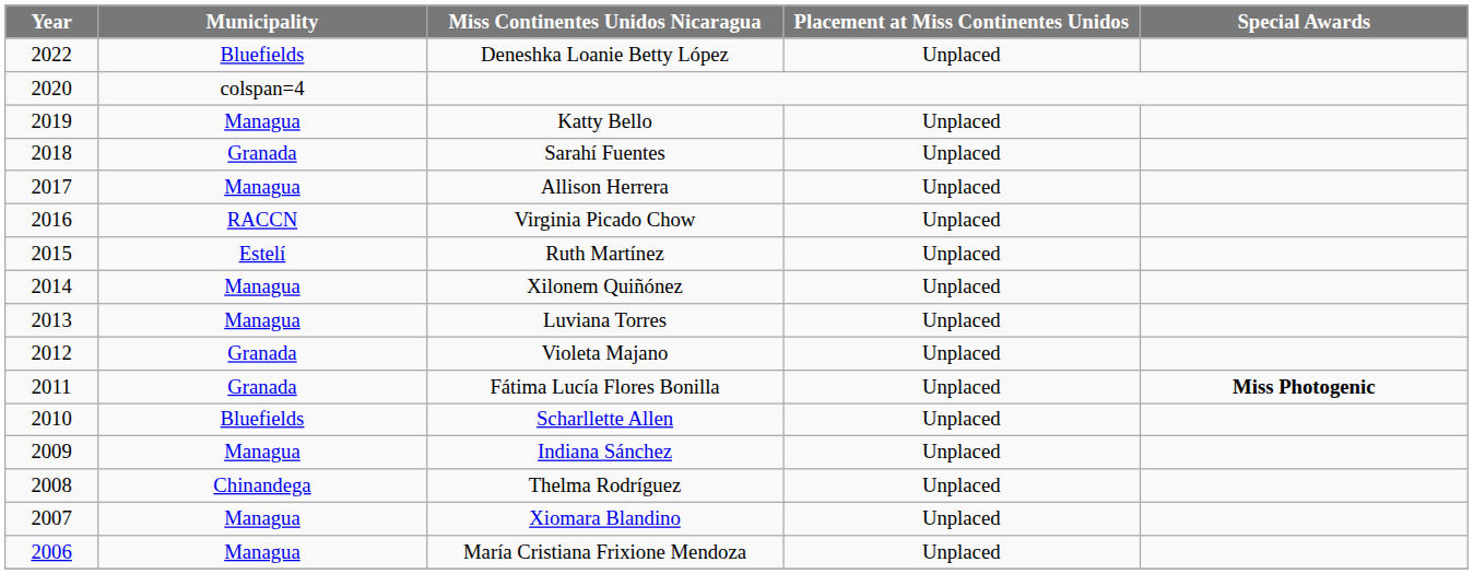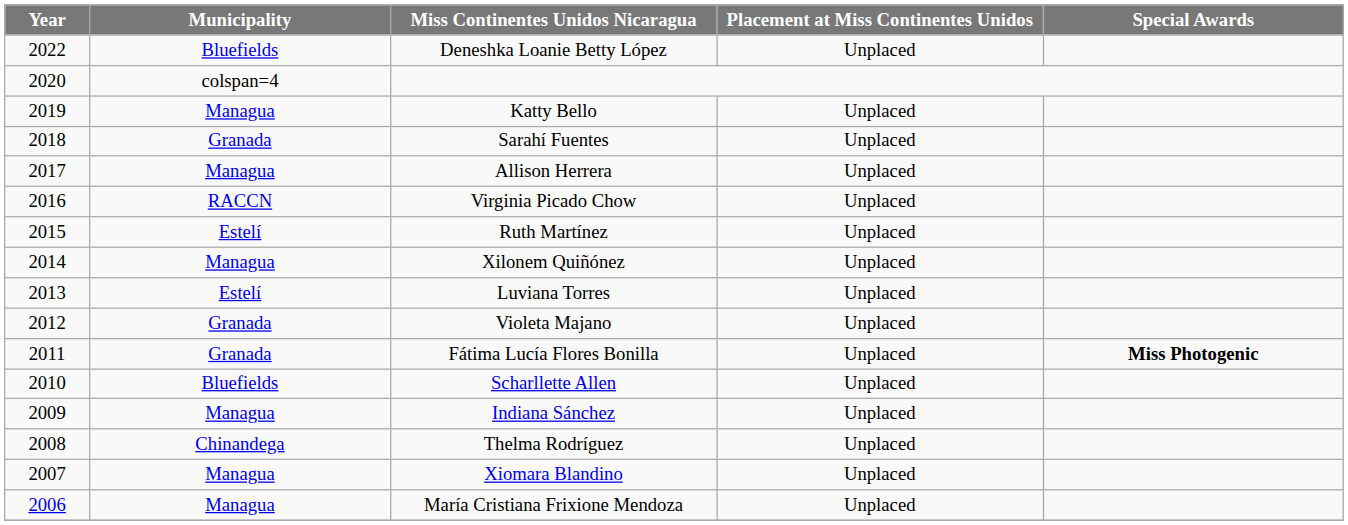 <table class="wikitable" style="font-size: 92%; text-align:center">
 <tr>
 <th width="60" style="background-color:#787878;color:#FFFFFF;">Year</th>
 <th width="230" style="background-color:#787878;color:#FFFFFF;">Municipality</th>
 <th width="250" style="background-color:#787878;color:#FFFFFF;">Miss Continentes Unidos Nicaragua</th>
 <th width="250" style="background-color:#787878;color:#FFFFFF;">Placement at Miss Continentes Unidos</th>
 <th width="230" style="background-color:#787878;color:#FFFFFF;">Special Awards</th>
 </tr>
 <tr>
 <td>2022</td>
 <td><a href='#'>Bluefields</a></td>
 <td>Deneshka Loanie Betty López</td>
 <td>Unplaced</td>
 <td></td>
 </tr>
 <tr>
 <td>2020</td>
 <td>colspan=4 </td>
 </tr>
 <tr>
 <td>2019</td>
 <td><a href='#'>Managua</a></td>
 <td>Katty Bello</td>
 <td>Unplaced</td>
 <td></td>
 </tr>
 <tr>
 <td>2018</td>
 <td><a href='#'>Granada</a></td>
 <td>Sarahí Fuentes</td>
 <td>Unplaced</td>
 <td></td>
 </tr>
 <tr>
 <td>2017</td>
 <td><a href='#'>Managua</a></td>
 <td>Allison Herrera</td>
 <td>Unplaced</td>
 <td></td>
 </tr>
 <tr>
 <td>2016</td>
 <td><a href='#'>RACCN</a></td>
 <td>Virginia Picado Chow</td>
 <td>Unplaced</td>
 <td></td>
 </tr>
 <tr>
 <td>2015</td>
 <td><a href='#'>Estelí</a></td>
 <td>Ruth Martínez</td>
 <td>Unplaced</td>
 <td></td>
 </tr>
 <tr>
 <td>2014</td>
 <td><a href='#'>Managua</a></td>
 <td>Xilonem Quiñónez</td>
 <td>Unplaced</td>
 <td></td>
 </tr>
 <tr>
 <td>2013</td>
-<td><a href='#'>Managua</a></td>
+<td><a href='#'>Estelí</a></td>
 <td>Luviana Torres</td>
 <td>Unplaced</td>
 <td></td>
 </tr>
 <tr>
 <td>2012</td>
 <td><a href='#'>Granada</a></td>
 <td>Violeta Majano</td>
 <td>Unplaced</td>
 <td></td>
 </tr>
 <tr>
 <td>2011</td>
 <td><a href='#'>Granada</a></td>
 <td>Fátima Lucía Flores Bonilla</td>
 <td>Unplaced</td>
 <td><strong>Miss Photogenic</strong></td>
 </tr>
 <tr>
 <td>2010</td>
 <td><a href='#'>Bluefields</a></td>
 <td><a href='#'>Scharllette Allen</a></td>
 <td>Unplaced</td>
 <td></td>
 </tr>
 <tr>
 <td>2009</td>
 <td><a href='#'>Managua</a></td>
 <td><a href='#'>Indiana Sánchez</a></td>
 <td>Unplaced</td>
 <td></td>
 </tr>
 <tr>
 <td>2008</td>
 <td><a href='#'>Chinandega</a></td>
 <td>Thelma Rodríguez</td>
 <td>Unplaced</td>
 <td></td>
 </tr>
 <tr>
 <td>2007</td>
 <td><a href='#'>Managua</a></td>
 <td><a href='#'>Xiomara Blandino</a></td>
 <td>Unplaced</td>
 <td></td>
 </tr>
 <tr>
 <td><a href='#'>2006</a></td>
 <td><a href='#'>Managua</a></td>
 <td>María Cristiana Frixione Mendoza</td>
 <td>Unplaced</td>
 <td></td>
 </tr>
 <tr>
 </tr>
 </table>
